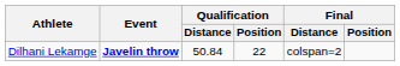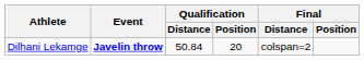 <table class=wikitable style=font-size:90%>
 <tr>
 <th rowspan=2>Athlete</th>
 <th rowspan=2>Event</th>
 <th colspan=2>Qualification</th>
 <th colspan=2>Final</th>
 </tr>
 <tr style=font-size:95%>
 <th>Distance</th>
 <th>Position</th>
 <th>Distance</th>
 <th>Position</th>
 </tr>
 <tr align=center>
 <td align=left><a href='#'>Dilhani Lekamge</a></td>
 <td align=left><strong><a href='#'>Javelin throw</a></strong></td>
 <td>50.84</td>
-<td>22</td>
+<td>20</td>
 <td>colspan=2 </td>
 </tr>
 </table>
